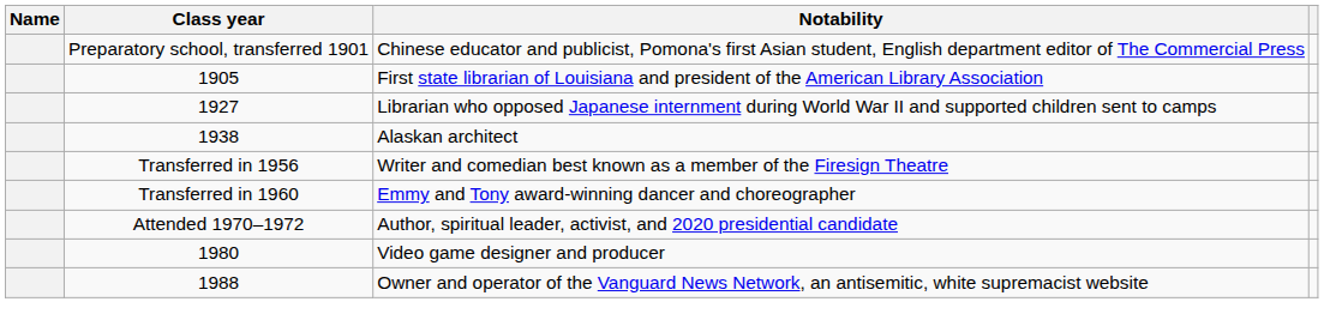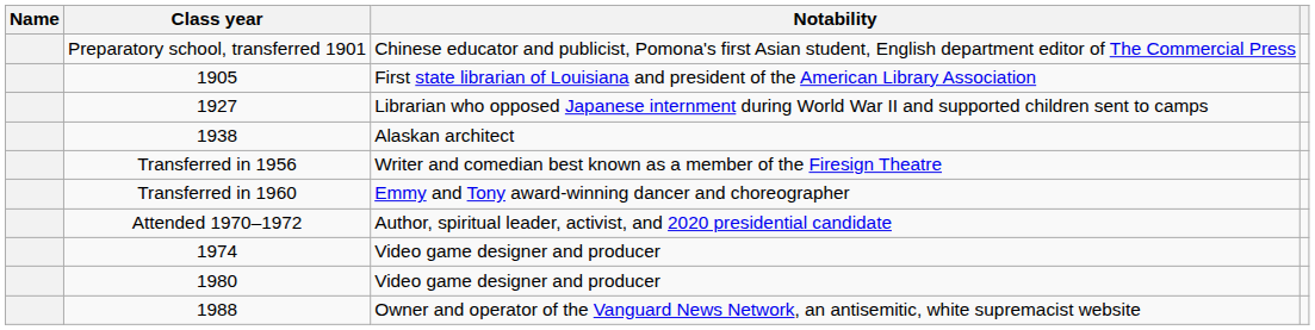 <table class="wikitable sortable plainrowheaders" style="text-align:center; border:2px solid #">
 <tr>
 <th scope="col">Name</th>
 <th scope="col">Class year</th>
 <th scope="col">Notability</th>
 <th scope="col"></th>
 </tr>
 <tr>
 <th scope="row"></th>
 <td>Preparatory school, transferred 1901</td>
 <td style="text-align:left;">Chinese educator and publicist, Pomona's first Asian student, English department editor of <a href='#'>The Commercial Press</a></td>
 <td></td>
 </tr>
 <tr>
 <th scope="row"></th>
 <td>1905</td>
 <td style="text-align:left;">First <a href='#'>state librarian of Louisiana</a> and president of the <a href='#'>American Library Association</a></td>
 <td></td>
 </tr>
 <tr>
 <th scope="row"></th>
 <td>1927</td>
 <td style="text-align:left;">Librarian who opposed <a href='#'>Japanese internment</a> during World War II and supported children sent to camps</td>
 <td></td>
 </tr>
 <tr>
 <th scope="row"></th>
 <td style="text-align:center;">1938</td>
 <td style="text-align:left;">Alaskan architect</td>
 <td style="text-align:center;"></td>
 </tr>
 <tr>
 <th scope="row"></th>
 <td>Transferred in 1956</td>
 <td style="text-align:left;">Writer and comedian best known as a member of the <a href='#'>Firesign Theatre</a></td>
 <td></td>
 </tr>
 <tr>
 <th scope="row"></th>
 <td>Transferred in 1960</td>
 <td style="text-align:left;"><a href='#'>Emmy</a> and <a href='#'>Tony</a> award-winning dancer and choreographer</td>
 <td></td>
 </tr>
 <tr>
 <th scope="row"></th>
 <td>Attended 1970–1972</td>
 <td style="text-align:left;">Author, spiritual leader, activist, and <a href='#'>2020 presidential candidate</a></td>
 <td></td>
 </tr>
 <tr>
 <th scope="row"></th>
+<td>1974</td>
+<td style="text-align:left;">Video game designer and producer</td>
+<td></td>
+</tr>
+<tr>
+<th scope="row"></th>
 <td>1980</td>
 <td style="text-align:left;">Video game designer and producer</td>
 <td></td>
 </tr>
 <tr>
 <th scope="row"></th>
 <td>1988</td>
 <td style="text-align:left;">Owner and operator of the <a href='#'>Vanguard News Network</a>, an antisemitic, white supremacist website</td>
 <td></td>
 </tr>
 </table>
